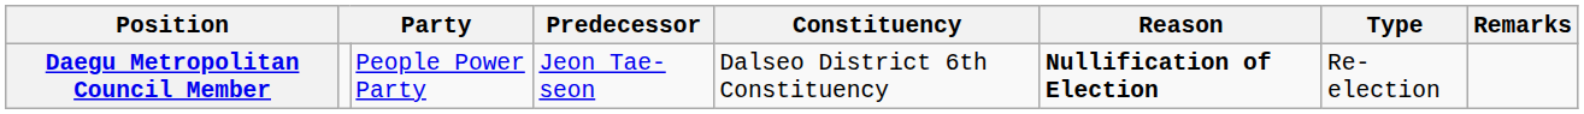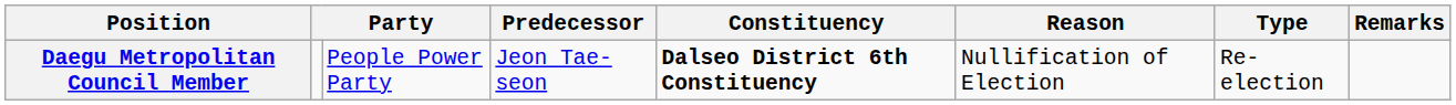 <table class="wikitable">
 <tr>
 <th>Position</th>
 <th colspan=2>Party</th>
 <th>Predecessor</th>
 <th>Constituency</th>
 <th>Reason</th>
 <th>Type</th>
 <th>Remarks</th>
 </tr>
 <tr>
 <th><a href='#'>Daegu Metropolitan Council Member</a></th>
 <td style="background-color:"></td>
 <td><a href='#'>People Power Party</a></td>
 <td><a href='#'>Jeon Tae-seon</a></td>
-<td>Dalseo District 6th Constituency</td>
-<td><strong>Nullification of Election</strong></td>
+<td><strong>Dalseo District 6th Constituency</strong></td>
+<td>Nullification of Election</td>
 <td>Re-election</td>
 <td></td>
 </tr>
 </table>
